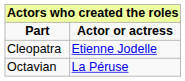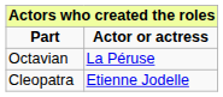 <table border="1" cellpadding="2" cellspacing="0" style="margin:0.7em 0.7em 0.7em 0.7em;border:1px solid #AAAAAA;background:#F9F9F9;border-collapse:collapse;font-size:100%;">
 <tr>
 <td align="center" style="font-weight:bold;caption-side:top;" colspan=2 bgcolor="#F0FFA0">Actors who created the roles</td>
 </tr>
 <tr ----bgcolor="#F0FFC0">
 <th>Part</th>
 <th>Actor or actress</th>
 </tr>
+<tr ----bgcolor="#FFF7F7">
+<td>Octavian</td>
+<td><a href='#'>La Péruse</a></td>
+</tr>
 <tr ----bgcolor="#F0FFFF">
 <td>Cleopatra</td>
 <td><a href='#'>Etienne Jodelle</a></td>
 </tr>
-<tr ----bgcolor="#FFF7F7">
-<td>Octavian</td>
-<td><a href='#'>La Péruse</a></td>
-</tr>
 </table>
